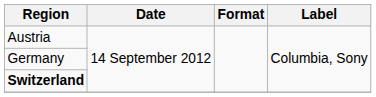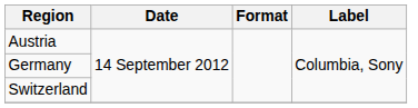 <table class="wikitable">
 <tr>
 <th scope="col">Region</th>
 <th scope="col">Date</th>
 <th scope="col">Format</th>
 <th scope="col">Label</th>
 </tr>
 <tr>
 <td>Austria</td>
 <td rowspan="3">14 September 2012</td>
 <td rowspan="3"></td>
 <td rowspan="3">Columbia, Sony</td>
 </tr>
 <tr>
 <td>Germany</td>
 </tr>
 <tr>
-<td><strong>Switzerland</strong></td>
+<td>Switzerland</td>
 </tr>
 <tr>
 </tr>
 </table>
